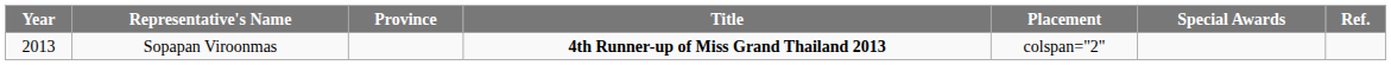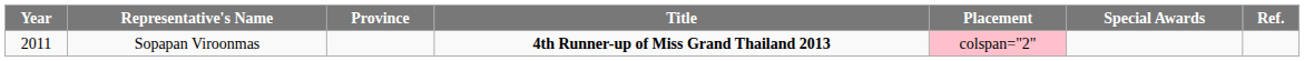 <table class="wikitable" style="font-size: 95%; text-align:center; width:100%">
 <tr>
 <th style="background-color:#787878;color:#FFFFFF;">Year</th>
 <th style="background-color:#787878;color:#FFFFFF;">Representative's Name</th>
 <th style="background-color:#787878;color:#FFFFFF;">Province</th>
 <th style="background-color:#787878;color:#FFFFFF;">Title</th>
 <th style="background-color:#787878;color:#FFFFFF;">Placement</th>
 <th style="background-color:#787878;color:#FFFFFF;">Special Awards</th>
 <th style="background-color:#787878;color:#FFFFFF;">Ref.</th>
 </tr>
 <tr>
-<td>2013</td>
+<td>2011</td>
 <td>Sopapan Viroonmas</td>
 <td></td>
 <td><strong>4th Runner-up of Miss Grand Thailand 2013</strong></td>
-<td>colspan="2" </td>
+<td style="background: pink;">colspan="2" </td>
 <td></td>
 </tr>
 </table>
